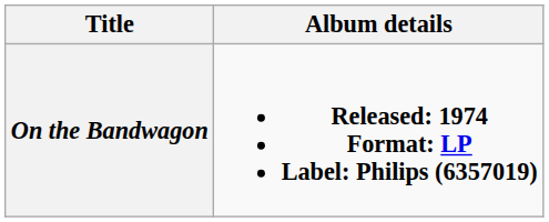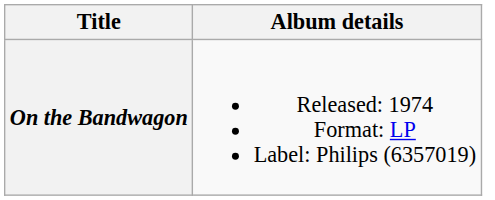 <table class="wikitable plainrowheaders" style="text-align:center">
 <tr>
 <th>Title</th>
 <th>Album details</th>
 </tr>
 <tr>
 <th scope="row"><em>On the Bandwagon</em></th>
-<td><strong><br><ul><li>Released: 1974</li><li>Format: <a href='#'>LP</a></li><li>Label: Philips (6357019)</li></ul></strong></td>
+<td><br><ul><li>Released: 1974</li><li>Format: <a href='#'>LP</a></li><li>Label: Philips (6357019)</li></ul></td>
 </tr>
 </table>
